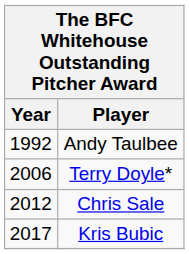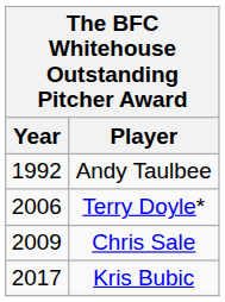 <table class="wikitable" style="display: inline-table; margin-right: 20px; text-align:center">
 <tr>
 <th scope="col" colspan="2" style="width: 145px;">The BFC Whitehouse Outstanding Pitcher Award</th>
 </tr>
 <tr>
 <th scope="col">Year</th>
 <th scope="col">Player</th>
 </tr>
 <tr>
 <td>1992</td>
 <td>Andy Taulbee</td>
 </tr>
 <tr>
 <td>2006</td>
 <td><a href='#'>Terry Doyle</a>*</td>
 </tr>
 <tr>
-<td>2012</td>
+<td>2009</td>
 <td><a href='#'>Chris Sale</a></td>
 </tr>
 <tr>
 <td>2017</td>
 <td><a href='#'>Kris Bubic</a></td>
 </tr>
 <tr>
 </tr>
 </table>
